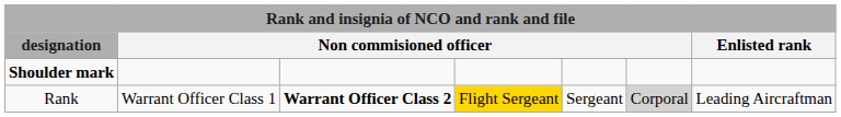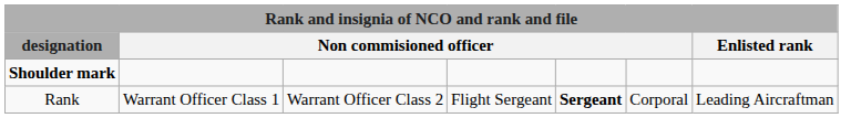 <table class="wikitable" style="font-size: 95%; text-align: center;">
 <tr>
 <th colspan="12" style="background:#AFAFAF; color:#202122;">Rank and insignia of NCO and rank and file</th>
 </tr>
 <tr>
 <th style="background:#AFAFAF; color:#202122;">designation</th>
 <th colspan="5">Non commisioned officer</th>
 <th colspan="1">Enlisted rank</th>
 </tr>
 <tr>
 <td><strong>Shoulder mark</strong></td>
 <td></td>
 <td></td>
 <td></td>
 <td></td>
 <td></td>
 <td></td>
 </tr>
 <tr>
 <td>Rank</td>
 <td>Warrant Officer Class 1</td>
-<td><strong>Warrant Officer Class 2</strong></td>
-<td style="background: gold;">Flight Sergeant</td>
-<td>Sergeant</td>
-<td style="background: lightgrey;">Corporal</td>
+<td>Warrant Officer Class 2</td>
+<td>Flight Sergeant</td>
+<td><strong>Sergeant</strong></td>
+<td>Corporal</td>
 <td>Leading Aircraftman</td>
 </tr>
 </table>
